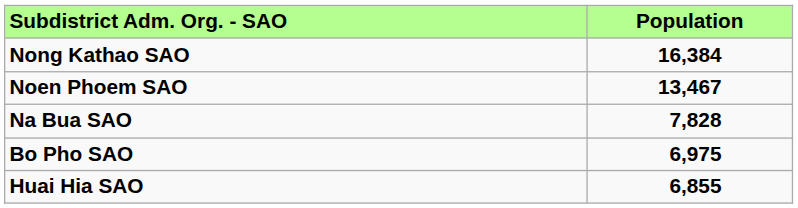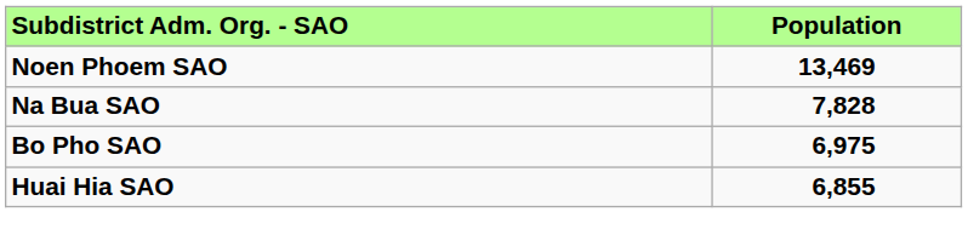 <table class="wikitable" style="width:48%; display:inline-table;">
 <tr>
 <th scope="col" style= "width:74%; background: #b4ff90; text-align:left;"><strong>Subdistrict Adm. Org. - SAO</strong></th>
 <th scope="col" style= "width:26%; background: #b4ff90; text-align:center;"><strong>Population</strong></th>
 </tr>
 <tr>
-<td><strong>Nong Kathao SAO</strong></td>
-<td style="text-align:center;"><strong>16,384</strong></td>
-</tr>
-<tr>
 <td><strong>Noen Phoem SAO</strong></td>
-<td style="text-align:center;"><strong>13,467</strong></td>
+<td style="text-align:center;"><strong>13,469</strong></td>
 </tr>
 <tr>
 <td><strong>Na Bua SAO</strong></td>
 <td style="text-align:center;">  <strong>7,828</strong></td>
 </tr>
 <tr>
 <td><strong>Bo Pho SAO</strong></td>
 <td style="text-align:center;">  <strong>6,975</strong></td>
 </tr>
 <tr>
 <td><strong>Huai Hia SAO</strong></td>
 <td style="text-align:center;">  <strong>6,855</strong></td>
 </tr>
 </table>
